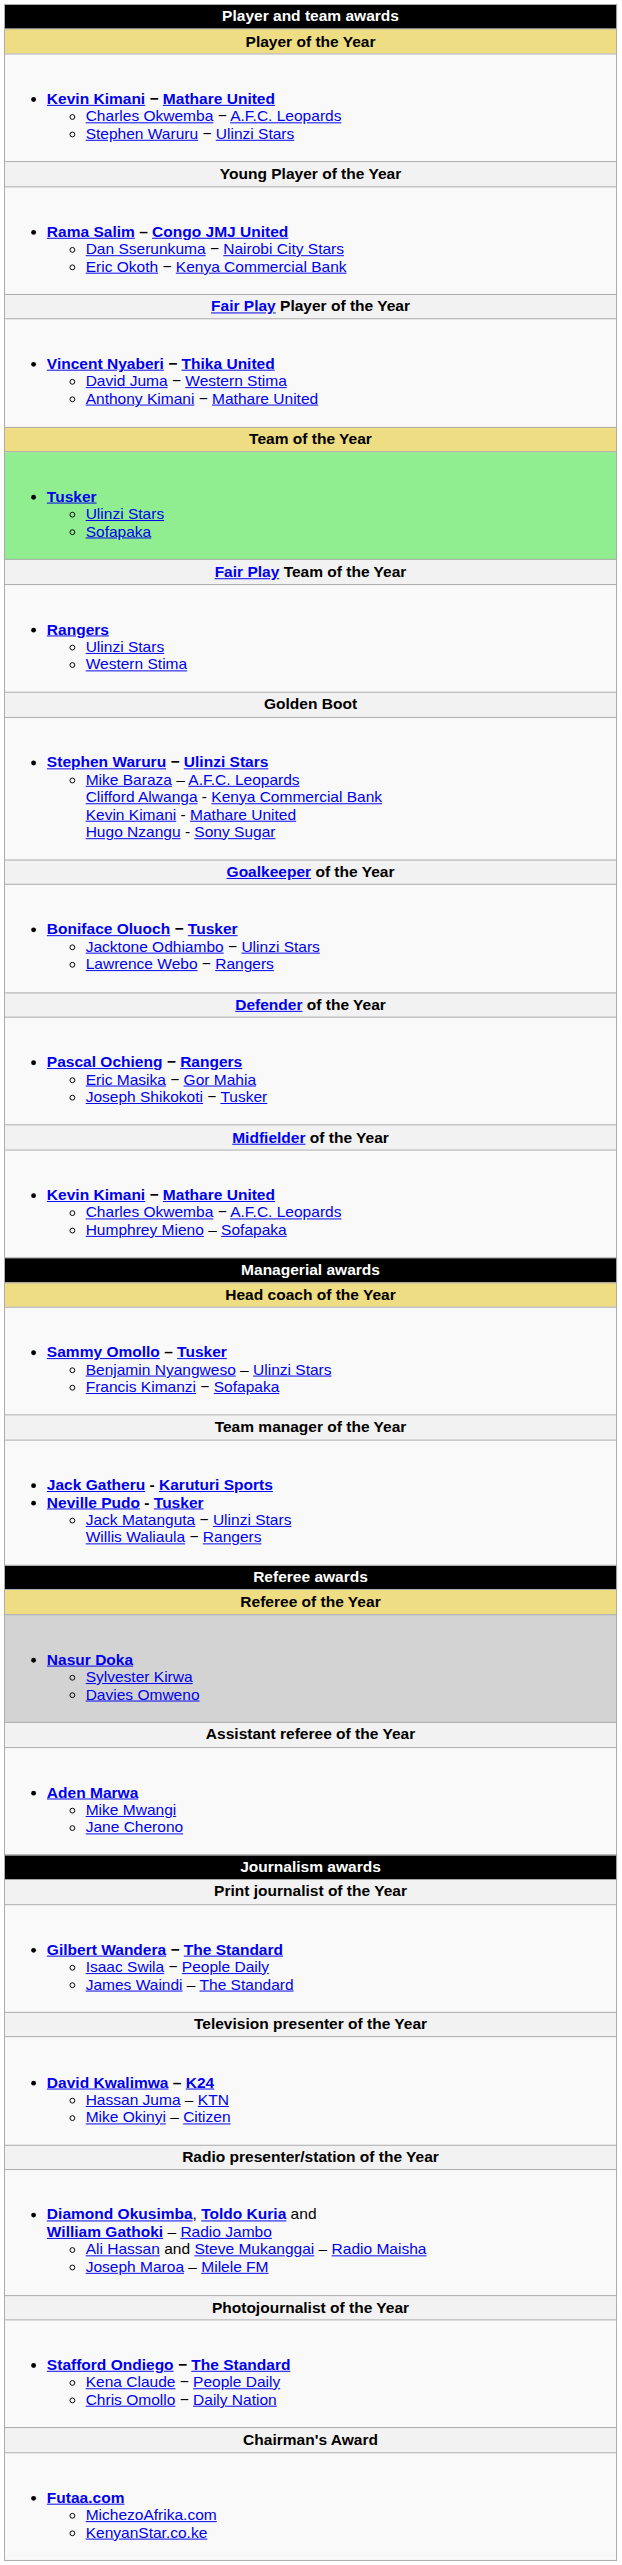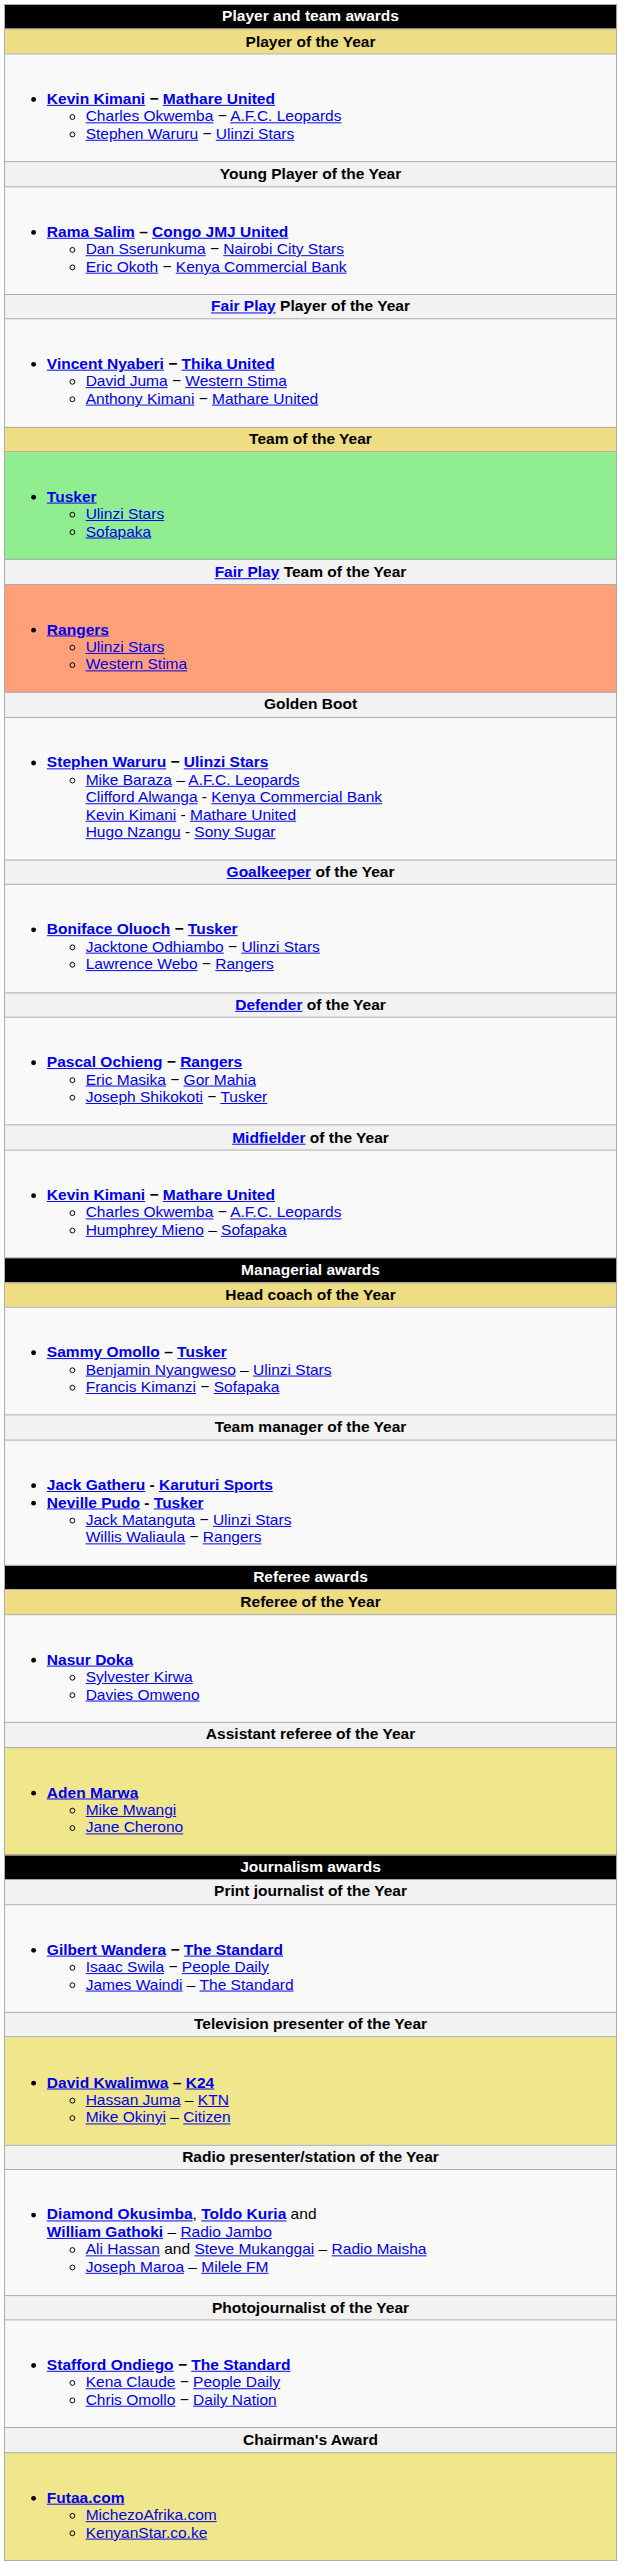 <table class="wikitable" width="50%">
 <tr>
 <th style="background:#000000; color: #FFFFFF">Player and team awards</th>
 </tr>
 <tr>
 <th style="background:#EEDD82;">Player of the Year</th>
 </tr>
 <tr>
 <td valign="top"><br><ul><li><strong> <a href='#'>Kevin Kimani</a> − <a href='#'>Mathare United</a></strong><ul><li> <a href='#'>Charles Okwemba</a> − <a href='#'>A.F.C. Leopards</a></li><li> <a href='#'>Stephen Waruru</a> − <a href='#'>Ulinzi Stars</a></li></ul></li></ul></td>
 </tr>
 <tr>
 <th>Young Player of the Year</th>
 </tr>
 <tr>
 <td valign="top"><br><ul><li><strong> <a href='#'>Rama Salim</a> – <a href='#'>Congo JMJ United</a></strong><ul><li> <a href='#'>Dan Sserunkuma</a> − <a href='#'>Nairobi City Stars</a></li><li> <a href='#'>Eric Okoth</a> − <a href='#'>Kenya Commercial Bank</a></li></ul></li></ul></td>
 </tr>
 <tr>
 <th><a href='#'>Fair Play</a> Player of the Year</th>
 </tr>
 <tr>
 <td valign="top"><br><ul><li><strong> <a href='#'>Vincent Nyaberi</a> − <a href='#'>Thika United</a></strong><ul><li> <a href='#'>David Juma</a> − <a href='#'>Western Stima</a></li><li> <a href='#'>Anthony Kimani</a> − <a href='#'>Mathare United</a></li></ul></li></ul></td>
 </tr>
 <tr>
 <th style="background:#EEDD82;">Team of the Year</th>
 </tr>
 <tr>
 <td valign="top" style="background: lightgreen;"><br><ul><li><strong><a href='#'>Tusker</a></strong><ul><li><a href='#'>Ulinzi Stars</a></li><li><a href='#'>Sofapaka</a></li></ul></li></ul></td>
 </tr>
 <tr>
 <th><a href='#'>Fair Play</a> Team of the Year</th>
 </tr>
 <tr>
-<td valign="top"><br><ul><li><strong><a href='#'>Rangers</a></strong><ul><li><a href='#'>Ulinzi Stars</a></li><li><a href='#'>Western Stima</a></li></ul></li></ul></td>
+<td valign="top" style="background: lightsalmon;"><br><ul><li><strong><a href='#'>Rangers</a></strong><ul><li><a href='#'>Ulinzi Stars</a></li><li><a href='#'>Western Stima</a></li></ul></li></ul></td>
 </tr>
 <tr>
 <th>Golden Boot</th>
 </tr>
 <tr>
 <td valign="top"><br><ul><li><strong> <a href='#'>Stephen Waruru</a> − <a href='#'>Ulinzi Stars</a></strong><ul><li> <a href='#'>Mike Baraza</a> – <a href='#'>A.F.C. Leopards</a><br> <a href='#'>Clifford Alwanga</a> - <a href='#'>Kenya Commercial Bank</a><br> <a href='#'>Kevin Kimani</a> - <a href='#'>Mathare United</a><br> <a href='#'>Hugo Nzangu</a> - <a href='#'>Sony Sugar</a></li></ul></li></ul></td>
 </tr>
 <tr>
 <th><a href='#'>Goalkeeper</a> of the Year</th>
 </tr>
 <tr>
 <td valign="top"><br><ul><li><strong> <a href='#'>Boniface Oluoch</a> − <a href='#'>Tusker</a></strong><ul><li> <a href='#'>Jacktone Odhiambo</a> − <a href='#'>Ulinzi Stars</a></li><li> <a href='#'>Lawrence Webo</a> − <a href='#'>Rangers</a></li></ul></li></ul></td>
 </tr>
 <tr>
 <th><a href='#'>Defender</a> of the Year</th>
 </tr>
 <tr>
 <td valign="top"><br><ul><li><strong> <a href='#'>Pascal Ochieng</a> − <a href='#'>Rangers</a></strong><ul><li> <a href='#'>Eric Masika</a> − <a href='#'>Gor Mahia</a></li><li> <a href='#'>Joseph Shikokoti</a> − <a href='#'>Tusker</a></li></ul></li></ul></td>
 </tr>
 <tr>
 <th><a href='#'>Midfielder</a> of the Year</th>
 </tr>
 <tr>
 <td valign="top"><br><ul><li><strong> <a href='#'>Kevin Kimani</a> − <a href='#'>Mathare United</a></strong><ul><li> <a href='#'>Charles Okwemba</a> − <a href='#'>A.F.C. Leopards</a></li><li> <a href='#'>Humphrey Mieno</a> – <a href='#'>Sofapaka</a></li></ul></li></ul></td>
 </tr>
 <tr>
 <th style="background:#000000; color: #FFFFFF">Managerial awards</th>
 </tr>
 <tr>
 <th style="background:#EEDD82;">Head coach of the Year</th>
 </tr>
 <tr>
 <td valign="top"><br><ul><li><strong> <a href='#'>Sammy Omollo</a> – <a href='#'>Tusker</a></strong><ul><li> <a href='#'>Benjamin Nyangweso</a> – <a href='#'>Ulinzi Stars</a></li><li> <a href='#'>Francis Kimanzi</a> − <a href='#'>Sofapaka</a></li></ul></li></ul></td>
 </tr>
 <tr>
 <th>Team manager of the Year</th>
 </tr>
 <tr>
 <td valign="top"><br><ul><li><strong> <a href='#'>Jack Gatheru</a> - <a href='#'>Karuturi Sports</a></strong></li><li><strong> <a href='#'>Neville Pudo</a> - <a href='#'>Tusker</a></strong><ul><li> <a href='#'>Jack Matanguta</a> − <a href='#'>Ulinzi Stars</a><br> <a href='#'>Willis Waliaula</a> − <a href='#'>Rangers</a></li></ul></li></ul></td>
 </tr>
 <tr>
 <th style="background:#000000; color: #FFFFFF">Referee awards</th>
 </tr>
 <tr>
 </tr>
 <tr>
 <th style="background:#EEDD82;">Referee of the Year</th>
 </tr>
 <tr>
-<td valign="top" style="background: lightgrey;"><br><ul><li><strong><a href='#'>Nasur Doka</a></strong><ul><li><a href='#'>Sylvester Kirwa</a></li><li><a href='#'>Davies Omweno</a></li></ul></li></ul></td>
+<td valign="top"><br><ul><li><strong><a href='#'>Nasur Doka</a></strong><ul><li><a href='#'>Sylvester Kirwa</a></li><li><a href='#'>Davies Omweno</a></li></ul></li></ul></td>
 </tr>
 <tr>
 <th>Assistant referee of the Year</th>
 </tr>
 <tr>
-<td valign="top"><br><ul><li><strong><a href='#'>Aden Marwa</a></strong><ul><li><a href='#'>Mike Mwangi</a></li><li><a href='#'>Jane Cherono</a></li></ul></li></ul></td>
+<td valign="top" style="background: khaki;"><br><ul><li><strong><a href='#'>Aden Marwa</a></strong><ul><li><a href='#'>Mike Mwangi</a></li><li><a href='#'>Jane Cherono</a></li></ul></li></ul></td>
 </tr>
 <tr>
 <th style="background:#000000; color: #FFFFFF">Journalism awards</th>
 </tr>
 <tr>
 <th>Print journalist of the Year</th>
 </tr>
 <tr>
 <td valign="top"><br><ul><li><strong> <a href='#'>Gilbert Wandera</a> − <a href='#'>The Standard</a></strong><ul><li> <a href='#'>Isaac Swila</a> − <a href='#'>People Daily</a></li><li> <a href='#'>James Waindi</a> – <a href='#'>The Standard</a></li></ul></li></ul></td>
 </tr>
 <tr>
 <th>Television presenter of the Year</th>
 </tr>
 <tr>
-<td valign="top"><br><ul><li><strong> <a href='#'>David Kwalimwa</a> – <a href='#'>K24</a></strong><ul><li> <a href='#'>Hassan Juma</a> – <a href='#'>KTN</a></li><li> <a href='#'>Mike Okinyi</a> – <a href='#'>Citizen</a></li></ul></li></ul></td>
+<td valign="top" style="background: khaki;"><br><ul><li><strong> <a href='#'>David Kwalimwa</a> – <a href='#'>K24</a></strong><ul><li> <a href='#'>Hassan Juma</a> – <a href='#'>KTN</a></li><li> <a href='#'>Mike Okinyi</a> – <a href='#'>Citizen</a></li></ul></li></ul></td>
 </tr>
 <tr>
 <th>Radio presenter/station of the Year</th>
 </tr>
 <tr>
 <td valign="top"><br><ul><li><strong> <a href='#'>Diamond Okusimba</a></strong>, <strong> <a href='#'>Toldo Kuria</a></strong> and<br><strong> <a href='#'>William Gathoki</a></strong> – <a href='#'>Radio Jambo</a><ul><li> <a href='#'>Ali Hassan</a> and  <a href='#'>Steve Mukanggai</a> – <a href='#'>Radio Maisha</a></li><li> <a href='#'>Joseph Maroa</a> – <a href='#'>Milele FM</a></li></ul></li></ul></td>
 </tr>
 <tr>
 <th>Photojournalist of the Year</th>
 </tr>
 <tr>
 <td valign="top"><br><ul><li><strong> <a href='#'>Stafford Ondiego</a> − <a href='#'>The Standard</a></strong><ul><li> <a href='#'>Kena Claude</a> − <a href='#'>People Daily</a></li><li> <a href='#'>Chris Omollo</a> − <a href='#'>Daily Nation</a></li></ul></li></ul></td>
 </tr>
 <tr>
 <th>Chairman's Award</th>
 </tr>
 <tr>
-<td valign="top"><br><ul><li><strong><a href='#'>Futaa.com</a></strong><ul><li><a href='#'>MichezoAfrika.com</a></li><li><a href='#'>KenyanStar.co.ke</a></li></ul></li></ul></td>
+<td valign="top" style="background: khaki;"><br><ul><li><strong><a href='#'>Futaa.com</a></strong><ul><li><a href='#'>MichezoAfrika.com</a></li><li><a href='#'>KenyanStar.co.ke</a></li></ul></li></ul></td>
 </tr>
 </table>
